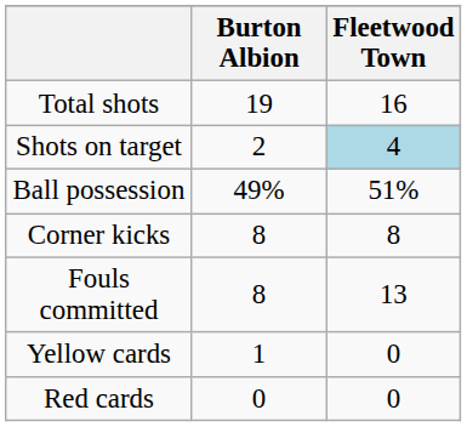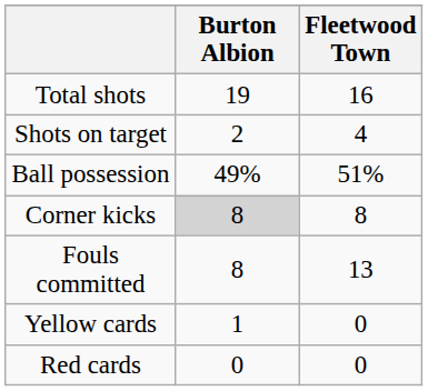 <table class="wikitable" style="text-align:center">
 <tr>
 </tr>
 <tr>
 <th width=100 scope=col></th>
 <th width=70 scope=col>Burton Albion</th>
 <th width=70 scope=col>Fleetwood Town</th>
 </tr>
 <tr>
 <td>Total shots</td>
 <td>19</td>
 <td>16</td>
 </tr>
 <tr>
 <td>Shots on target</td>
 <td>2</td>
-<td style="background: lightblue;">4</td>
+<td>4</td>
 </tr>
 <tr>
 <td>Ball possession</td>
 <td>49%</td>
 <td>51%</td>
 </tr>
 <tr>
 <td>Corner kicks</td>
-<td>8</td>
+<td style="background: lightgrey;">8</td>
 <td>8</td>
 </tr>
 <tr>
 <td>Fouls committed</td>
 <td>8</td>
 <td>13</td>
 </tr>
 <tr>
 <td>Yellow cards</td>
 <td>1</td>
 <td>0</td>
 </tr>
 <tr>
 <td>Red cards</td>
 <td>0</td>
 <td>0</td>
 </tr>
 </table>
